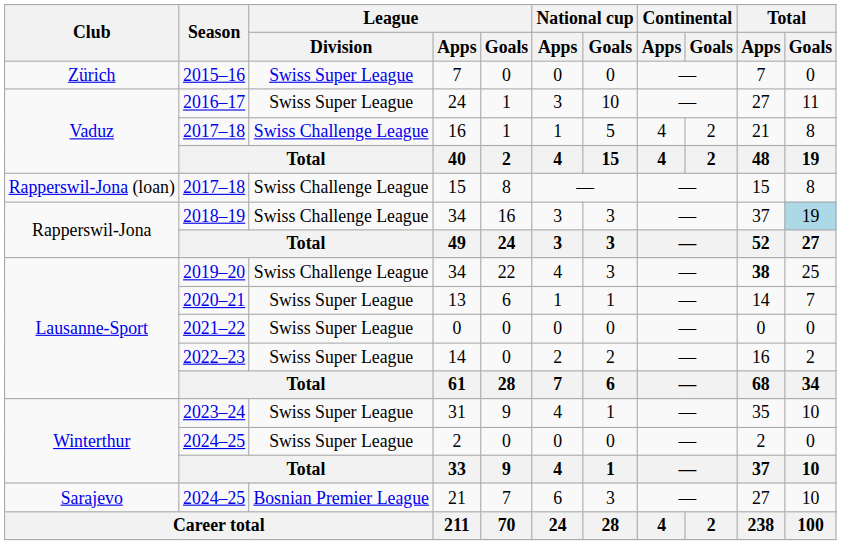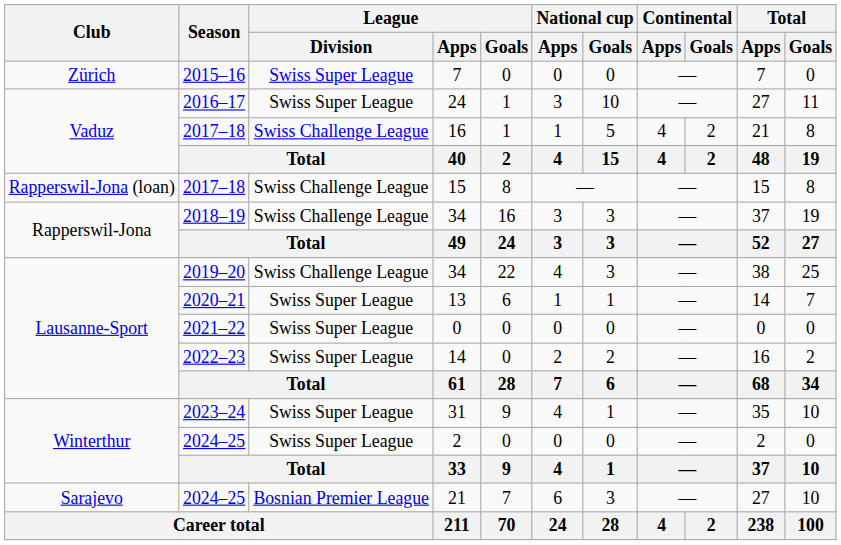 <table class="wikitable" style="text-align:center">
 <tr>
 <th rowspan="2">Club</th>
 <th rowspan="2">Season</th>
 <th colspan="3">League</th>
 <th colspan="2">National cup</th>
 <th colspan="2">Continental</th>
 <th colspan="2">Total</th>
 </tr>
 <tr>
 <th>Division</th>
 <th>Apps</th>
 <th>Goals</th>
 <th>Apps</th>
 <th>Goals</th>
 <th>Apps</th>
 <th>Goals</th>
 <th>Apps</th>
 <th>Goals</th>
 </tr>
 <tr>
 <td><a href='#'>Zürich</a></td>
 <td><a href='#'>2015–16</a></td>
 <td><a href='#'>Swiss Super League</a></td>
 <td>7</td>
 <td>0</td>
 <td>0</td>
 <td>0</td>
 <td colspan="2">—</td>
 <td>7</td>
 <td>0</td>
 </tr>
 <tr>
 <td rowspan="3"><a href='#'>Vaduz</a></td>
 <td><a href='#'>2016–17</a></td>
 <td>Swiss Super League</td>
 <td>24</td>
 <td>1</td>
 <td>3</td>
 <td>10</td>
 <td colspan="2">—</td>
 <td>27</td>
 <td>11</td>
 </tr>
 <tr>
 <td><a href='#'>2017–18</a></td>
 <td><a href='#'>Swiss Challenge League</a></td>
 <td>16</td>
 <td>1</td>
 <td>1</td>
 <td>5</td>
 <td>4</td>
 <td>2</td>
 <td>21</td>
 <td>8</td>
 </tr>
 <tr>
 <th colspan="2">Total</th>
 <th>40</th>
 <th>2</th>
 <th>4</th>
 <th>15</th>
 <th>4</th>
 <th>2</th>
 <th>48</th>
 <th>19</th>
 </tr>
 <tr>
 <td><a href='#'>Rapperswil-Jona</a> (loan)</td>
 <td><a href='#'>2017–18</a></td>
 <td>Swiss Challenge League</td>
 <td>15</td>
 <td>8</td>
 <td colspan="2">—</td>
 <td colspan="2">—</td>
 <td>15</td>
 <td>8</td>
 </tr>
 <tr>
 <td rowspan=2>Rapperswil-Jona</td>
 <td><a href='#'>2018–19</a></td>
 <td>Swiss Challenge League</td>
 <td>34</td>
 <td>16</td>
 <td>3</td>
 <td>3</td>
 <td colspan="2">—</td>
 <td>37</td>
-<td style="background: lightblue;">19</td>
+<td>19</td>
 </tr>
 <tr>
 <th colspan="2">Total</th>
 <th>49</th>
 <th>24</th>
 <th>3</th>
 <th>3</th>
 <th colspan="2">—</th>
 <th>52</th>
 <th>27</th>
 </tr>
 <tr>
 <td rowspan="5"><a href='#'>Lausanne-Sport</a></td>
 <td><a href='#'>2019–20</a></td>
 <td>Swiss Challenge League</td>
 <td>34</td>
 <td>22</td>
 <td>4</td>
 <td>3</td>
 <td colspan="2">—</td>
-<td><strong>38</strong></td>
+<td>38</td>
 <td>25</td>
 </tr>
 <tr>
 <td><a href='#'>2020–21</a></td>
 <td>Swiss Super League</td>
 <td>13</td>
 <td>6</td>
 <td>1</td>
 <td>1</td>
 <td colspan="2">—</td>
 <td>14</td>
 <td>7</td>
 </tr>
 <tr>
 <td><a href='#'>2021–22</a></td>
 <td>Swiss Super League</td>
 <td>0</td>
 <td>0</td>
 <td>0</td>
 <td>0</td>
 <td colspan="2">—</td>
 <td>0</td>
 <td>0</td>
 </tr>
 <tr>
 <td><a href='#'>2022–23</a></td>
 <td>Swiss Super League</td>
 <td>14</td>
 <td>0</td>
 <td>2</td>
 <td>2</td>
 <td colspan="2">—</td>
 <td>16</td>
 <td>2</td>
 </tr>
 <tr>
 <th colspan="2">Total</th>
 <th>61</th>
 <th>28</th>
 <th>7</th>
 <th>6</th>
 <th colspan="2">—</th>
 <th>68</th>
 <th>34</th>
 </tr>
 <tr>
 <td rowspan="3"><a href='#'>Winterthur</a></td>
 <td><a href='#'>2023–24</a></td>
 <td>Swiss Super League</td>
 <td>31</td>
 <td>9</td>
 <td>4</td>
 <td>1</td>
 <td colspan="2">—</td>
 <td>35</td>
 <td>10</td>
 </tr>
 <tr>
 <td><a href='#'>2024–25</a></td>
 <td>Swiss Super League</td>
 <td>2</td>
 <td>0</td>
 <td>0</td>
 <td>0</td>
 <td colspan="2">—</td>
 <td>2</td>
 <td>0</td>
 </tr>
 <tr>
 <th colspan="2">Total</th>
 <th>33</th>
 <th>9</th>
 <th>4</th>
 <th>1</th>
 <th colspan="2">—</th>
 <th>37</th>
 <th>10</th>
 </tr>
 <tr>
 <td><a href='#'>Sarajevo</a></td>
 <td><a href='#'>2024–25</a></td>
 <td><a href='#'>Bosnian Premier League</a></td>
 <td>21</td>
 <td>7</td>
 <td>6</td>
 <td>3</td>
 <td colspan="2">—</td>
 <td>27</td>
 <td>10</td>
 </tr>
 <tr>
 <th colspan="3">Career total</th>
 <th>211</th>
 <th>70</th>
 <th>24</th>
 <th>28</th>
 <th>4</th>
 <th>2</th>
 <th>238</th>
 <th>100</th>
 </tr>
 </table>
